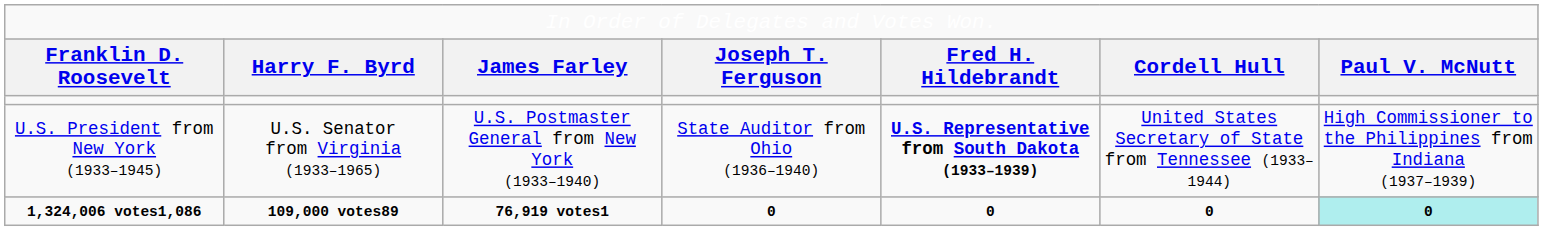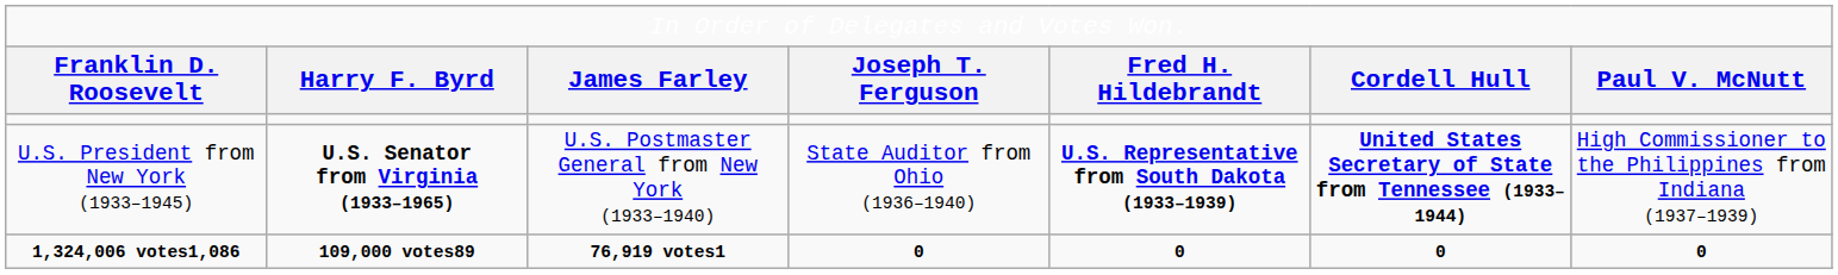 <table class="wikitable mw-collapsible mw-collapsed" style="font-size:90%;">
 <tr>
 <td colspan="11" style="text-align:center; width:700px; font-size:120%; color:white; background:"><em>In Order of Delegates and Votes Won.</em></td>
 </tr>
 <tr style="text-align:center">
 <th scope="col" style="width:10em; font-size:120%;"><a href='#'>Franklin D. Roosevelt</a></th>
 <th scope="col" style="width:10em; font-size:120%;"><strong><a href='#'>Harry F. Byrd</a></strong></th>
 <th scope="col" style="width:10em; font-size:120%;"><a href='#'>James Farley</a></th>
 <th scope="col" style="width:10em; font-size:120%;"><strong><a href='#'>Joseph T. Ferguson</a></strong></th>
 <th scope="col" style="width:10em; font-size:120%;"><strong><a href='#'>Fred H. Hildebrandt</a></strong></th>
 <th scope="col" style="width:10em; font-size:120%;"><strong><a href='#'>Cordell Hull</a></strong></th>
 <th scope="col" style="width:10em; font-size:120%;"><strong><a href='#'>Paul V. McNutt</a></strong></th>
 </tr>
 <tr style="text-align:center">
 <td></td>
 <td></td>
 <td></td>
 <td></td>
 <td></td>
 <td></td>
 <td></td>
 </tr>
 <tr style="text-align:center">
 <td><a href='#'>U.S. President</a> from <a href='#'>New York</a><br><small>(1933–1945)</small></td>
-<td>U.S. Senator<br>from <a href='#'>Virginia</a><br><small>(1933–1965)</small></td>
+<td><strong>U.S. Senator<br>from <a href='#'>Virginia</a><br><small>(1933–1965)</small></strong></td>
 <td><a href='#'>U.S. Postmaster General</a> from <a href='#'>New York</a><br><small>(1933–1940)</small></td>
 <td><a href='#'>State Auditor</a> from <a href='#'>Ohio</a><br><small>(1936–1940)</small></td>
 <td><strong><a href='#'>U.S. Representative</a> from <a href='#'>South Dakota</a><br><small>(1933–1939)</small></strong></td>
-<td><a href='#'>United States Secretary of State</a><br>from <a href='#'>Tennessee</a> <small>(1933–</small><small>1944)</small></td>
+<td><strong><a href='#'>United States Secretary of State</a><br>from <a href='#'>Tennessee</a> <small>(1933–</small><small>1944)</small></strong></td>
 <td><a href='#'>High Commissioner to the Philippines</a> from <a href='#'>Indiana</a><br><small>(1937–1939)</small></td>
 </tr>
 <tr style="text-align:center">
 <td><small><strong>1,3</strong></small><small><strong>24,006 votes</strong></small><small><strong>1,086 </strong></small></td>
 <td><small><strong>109,000 votes</strong></small><small><strong>89 </strong></small></td>
 <td><small><strong>76,919 votes</strong></small><small><strong>1 </strong></small></td>
 <td><small><strong>0 </strong></small></td>
 <td><small><strong>0 </strong></small></td>
 <td><small><strong>0 </strong></small></td>
-<td style="background: paleturquoise;"><small><strong>0 </strong></small></td>
+<td><small><strong>0 </strong></small></td>
 </tr>
 </table>
